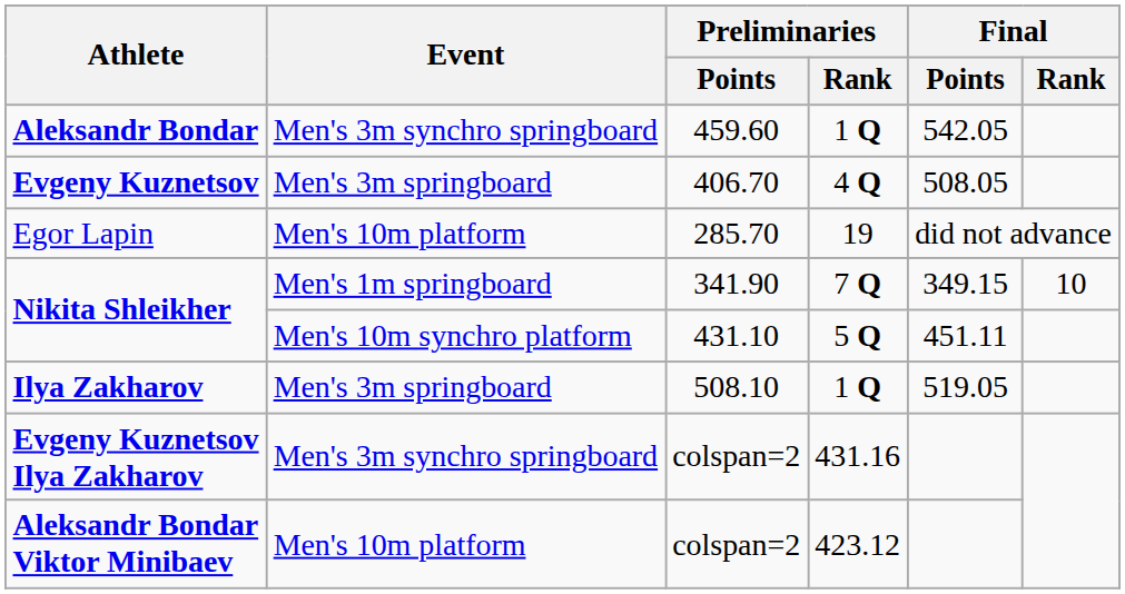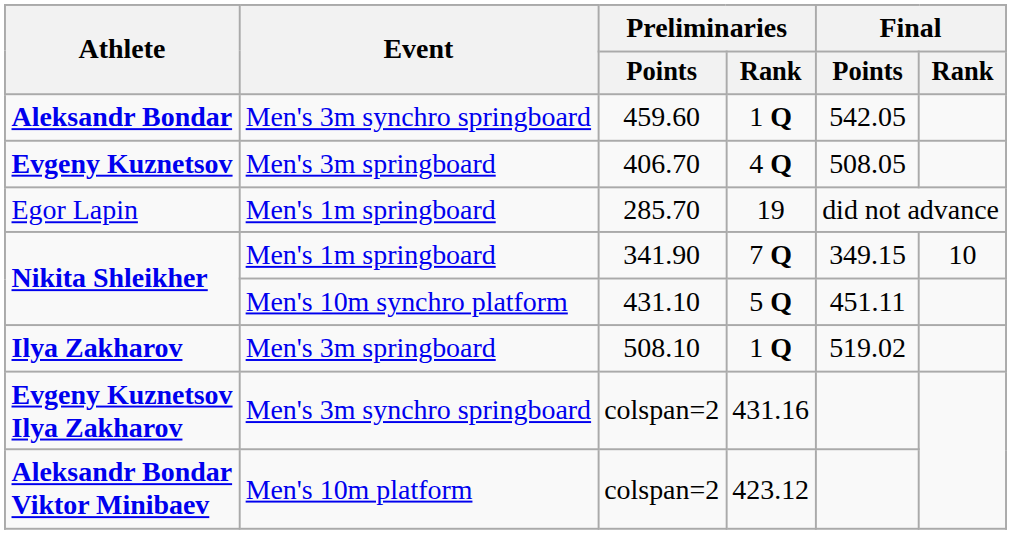 <table class=wikitable style="font-size:90%">
 <tr>
 <th rowspan="2">Athlete</th>
 <th rowspan="2">Event</th>
 <th colspan="2">Preliminaries</th>
 <th colspan="2">Final</th>
 </tr>
 <tr style="font-size:95%">
 <th>Points</th>
 <th>Rank</th>
 <th>Points</th>
 <th>Rank</th>
 </tr>
 <tr align=center>
 <td align=left><strong><a href='#'>Aleksandr Bondar</a></strong></td>
 <td align=left><a href='#'>Men's 3m synchro springboard</a></td>
 <td>459.60</td>
 <td>1 <strong>Q</strong></td>
 <td>542.05</td>
 <td></td>
 </tr>
 <tr align=center>
 <td align=left><strong><a href='#'>Evgeny Kuznetsov</a></strong></td>
 <td align=left><a href='#'>Men's 3m springboard</a></td>
 <td>406.70</td>
 <td>4 <strong>Q</strong></td>
 <td>508.05</td>
 <td></td>
 </tr>
 <tr align=center>
 <td align=left><a href='#'>Egor Lapin</a></td>
-<td align=left><a href='#'>Men's 10m platform</a></td>
+<td align=left><a href='#'>Men's 1m springboard</a></td>
 <td>285.70</td>
 <td>19</td>
 <td colspan=2>did not advance</td>
 </tr>
 <tr align=center>
 <td align=left rowspan=2><strong><a href='#'>Nikita Shleikher</a></strong></td>
 <td align=left><a href='#'>Men's 1m springboard</a></td>
 <td>341.90</td>
 <td>7 <strong>Q</strong></td>
 <td>349.15</td>
 <td>10</td>
 </tr>
 <tr align=center>
 <td align=left><a href='#'>Men's 10m synchro platform</a></td>
 <td>431.10</td>
 <td>5 <strong>Q</strong></td>
 <td>451.11</td>
 <td></td>
 </tr>
 <tr align=center>
 <td align=left><strong><a href='#'>Ilya Zakharov</a></strong></td>
 <td align=left><a href='#'>Men's 3m springboard</a></td>
 <td>508.10</td>
 <td>1 <strong>Q</strong></td>
-<td>519.05</td>
+<td>519.02</td>
 <td></td>
 </tr>
 <tr align=center>
 <td align=left><strong><a href='#'>Evgeny Kuznetsov</a><br><a href='#'>Ilya Zakharov</a></strong></td>
 <td align=left><a href='#'>Men's 3m synchro springboard</a></td>
 <td>colspan=2 </td>
 <td>431.16</td>
 <td></td>
 </tr>
 <tr align=center>
 <td align=left><strong><a href='#'>Aleksandr Bondar</a><br><a href='#'>Viktor Minibaev</a></strong></td>
 <td align=left><a href='#'>Men's 10m platform</a></td>
 <td>colspan=2 </td>
 <td>423.12</td>
 <td></td>
 </tr>
 </table>
